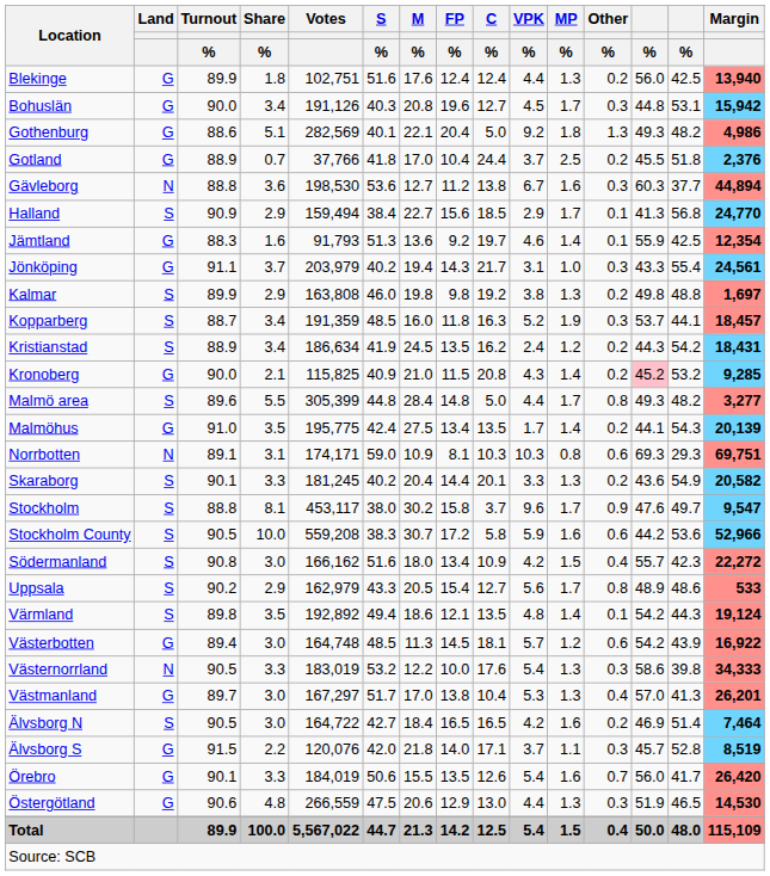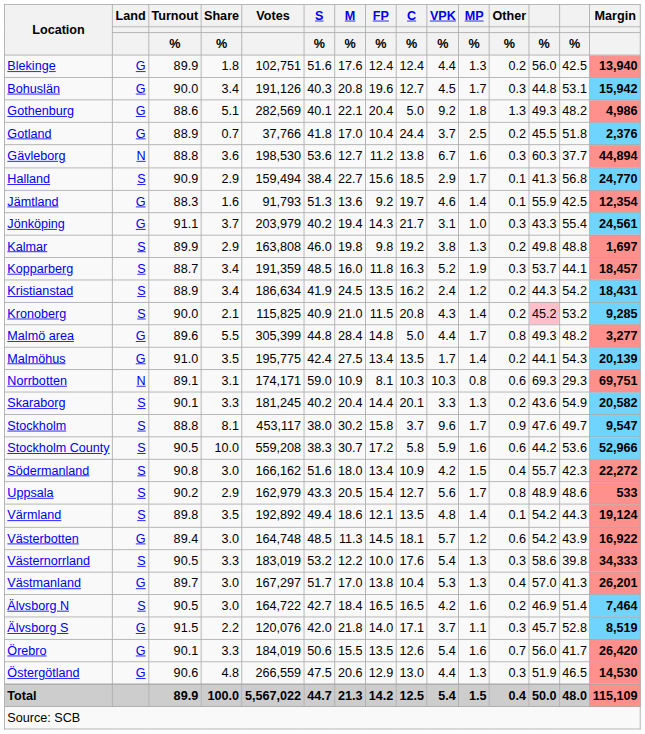 <table class="wikitable sortable" style="text-align:right; font-size:95%; line-height:20px;">
 <tr>
 <th rowspan="3">Location</th>
 <th>Land</th>
 <th>Turnout</th>
 <th>Share</th>
 <th>Votes</th>
 <th width="30px" class="unsortable"><a href='#'>S</a></th>
 <th width="30px" class="unsortable"><a href='#'>M</a></th>
 <th width="30px" class="unsortable"><a href='#'>FP</a></th>
 <th width="30px" class="unsortable"><a href='#'>C</a></th>
 <th width="30px" class="unsortable"><a href='#'>VPK</a></th>
 <th width="30px" class="unsortable"><a href='#'>MP</a></th>
 <th width="30px" class="unsortable">Other</th>
 <th></th>
 <th></th>
 <th>Margin</th>
 </tr>
 <tr>
 <th></th>
 <th></th>
 <th></th>
 <th></th>
 <th style="background:"></th>
 <th style="background:"></th>
 <th style="background:"></th>
 <th style="background:"></th>
 <th style="background:"></th>
 <th style="background:"></th>
 <th style="background:"></th>
 <th style="background:"></th>
 <th style="background:"></th>
 <th></th>
 </tr>
 <tr>
 <th></th>
 <th data-sort-type="number">%</th>
 <th data-sort-type="number">%</th>
 <th></th>
 <th data-sort-type="number">%</th>
 <th data-sort-type="number">%</th>
 <th data-sort-type="number">%</th>
 <th data-sort-type="number">%</th>
 <th data-sort-type="number">%</th>
 <th data-sort-type="number">%</th>
 <th data-sort-type="number">%</th>
 <th data-sort-type="number">%</th>
 <th data-sort-type="number">%</th>
 <th data-sort-type="number"></th>
 </tr>
 <tr>
 <td align=left><a href='#'>Blekinge</a></td>
 <td><a href='#'>G</a></td>
 <td>89.9</td>
 <td>1.8</td>
 <td>102,751</td>
 <td>51.6</td>
 <td>17.6</td>
 <td>12.4</td>
 <td>12.4</td>
 <td>4.4</td>
 <td>1.3</td>
 <td>0.2</td>
 <td>56.0</td>
 <td>42.5</td>
 <td bgcolor=#ff908c><strong>13,940</strong></td>
 </tr>
 <tr>
 <td align=left><a href='#'>Bohuslän</a></td>
 <td><a href='#'>G</a></td>
 <td>90.0</td>
 <td>3.4</td>
 <td>191,126</td>
 <td>40.3</td>
 <td>20.8</td>
 <td>19.6</td>
 <td>12.7</td>
 <td>4.5</td>
 <td>1.7</td>
 <td>0.3</td>
 <td>44.8</td>
 <td>53.1</td>
 <td bgcolor=#6fd5fe><strong>15,942</strong></td>
 </tr>
 <tr>
 <td align=left><a href='#'>Gothenburg</a></td>
 <td><a href='#'>G</a></td>
 <td>88.6</td>
 <td>5.1</td>
 <td>282,569</td>
 <td>40.1</td>
 <td>22.1</td>
 <td>20.4</td>
 <td>5.0</td>
 <td>9.2</td>
 <td>1.8</td>
 <td>1.3</td>
 <td>49.3</td>
 <td>48.2</td>
 <td bgcolor=#ff908c><strong>4,986</strong></td>
 </tr>
 <tr>
 <td align=left><a href='#'>Gotland</a></td>
 <td><a href='#'>G</a></td>
 <td>88.9</td>
 <td>0.7</td>
 <td>37,766</td>
 <td>41.8</td>
 <td>17.0</td>
 <td>10.4</td>
 <td>24.4</td>
 <td>3.7</td>
 <td>2.5</td>
 <td>0.2</td>
 <td>45.5</td>
 <td>51.8</td>
 <td bgcolor=#6fd5fe><strong>2,376</strong></td>
 </tr>
 <tr>
 <td align=left><a href='#'>Gävleborg</a></td>
 <td><a href='#'>N</a></td>
 <td>88.8</td>
 <td>3.6</td>
 <td>198,530</td>
 <td>53.6</td>
 <td>12.7</td>
 <td>11.2</td>
 <td>13.8</td>
 <td>6.7</td>
 <td>1.6</td>
 <td>0.3</td>
 <td>60.3</td>
 <td>37.7</td>
 <td bgcolor=#ff908c><strong>44,894</strong></td>
 </tr>
 <tr>
 <td align=left><a href='#'>Halland</a></td>
 <td><a href='#'>S</a></td>
 <td>90.9</td>
 <td>2.9</td>
 <td>159,494</td>
 <td>38.4</td>
 <td>22.7</td>
 <td>15.6</td>
 <td>18.5</td>
 <td>2.9</td>
 <td>1.7</td>
 <td>0.1</td>
 <td>41.3</td>
 <td>56.8</td>
 <td bgcolor=#6fd5fe><strong>24,770</strong></td>
 </tr>
 <tr>
 <td align=left><a href='#'>Jämtland</a></td>
 <td><a href='#'>G</a></td>
 <td>88.3</td>
 <td>1.6</td>
 <td>91,793</td>
 <td>51.3</td>
 <td>13.6</td>
 <td>9.2</td>
 <td>19.7</td>
 <td>4.6</td>
 <td>1.4</td>
 <td>0.1</td>
 <td>55.9</td>
 <td>42.5</td>
 <td bgcolor=#ff908c><strong>12,354</strong></td>
 </tr>
 <tr>
 <td align=left><a href='#'>Jönköping</a></td>
 <td><a href='#'>G</a></td>
 <td>91.1</td>
 <td>3.7</td>
 <td>203,979</td>
 <td>40.2</td>
 <td>19.4</td>
 <td>14.3</td>
 <td>21.7</td>
 <td>3.1</td>
 <td>1.0</td>
 <td>0.3</td>
 <td>43.3</td>
 <td>55.4</td>
 <td bgcolor=#6fd5fe><strong>24,561</strong></td>
 </tr>
 <tr>
 <td align=left><a href='#'>Kalmar</a></td>
 <td><a href='#'>S</a></td>
 <td>89.9</td>
 <td>2.9</td>
 <td>163,808</td>
 <td>46.0</td>
 <td>19.8</td>
 <td>9.8</td>
 <td>19.2</td>
 <td>3.8</td>
 <td>1.3</td>
 <td>0.2</td>
 <td>49.8</td>
 <td>48.8</td>
 <td bgcolor=#ff908c><strong>1,697</strong></td>
 </tr>
 <tr>
 <td align=left><a href='#'>Kopparberg</a></td>
 <td><a href='#'>S</a></td>
 <td>88.7</td>
 <td>3.4</td>
 <td>191,359</td>
 <td>48.5</td>
 <td>16.0</td>
 <td>11.8</td>
 <td>16.3</td>
 <td>5.2</td>
 <td>1.9</td>
 <td>0.3</td>
 <td>53.7</td>
 <td>44.1</td>
 <td bgcolor=#ff908c><strong>18,457</strong></td>
 </tr>
 <tr>
 <td align=left><a href='#'>Kristianstad</a></td>
 <td><a href='#'>S</a></td>
 <td>88.9</td>
 <td>3.4</td>
 <td>186,634</td>
 <td>41.9</td>
 <td>24.5</td>
 <td>13.5</td>
 <td>16.2</td>
 <td>2.4</td>
 <td>1.2</td>
 <td>0.2</td>
 <td>44.3</td>
 <td>54.2</td>
 <td bgcolor=#6fd5fe><strong>18,431</strong></td>
 </tr>
 <tr>
 <td align=left><a href='#'>Kronoberg</a></td>
-<td><a href='#'>G</a></td>
+<td><a href='#'>S</a></td>
 <td>90.0</td>
 <td>2.1</td>
 <td>115,825</td>
 <td>40.9</td>
 <td>21.0</td>
 <td>11.5</td>
 <td>20.8</td>
 <td>4.3</td>
 <td>1.4</td>
 <td>0.2</td>
 <td style="background: pink;">45.2</td>
 <td>53.2</td>
 <td bgcolor=#6fd5fe><strong>9,285</strong></td>
 </tr>
 <tr>
 <td align=left><a href='#'>Malmö area</a></td>
-<td><a href='#'>S</a></td>
+<td><a href='#'>G</a></td>
 <td>89.6</td>
 <td>5.5</td>
 <td>305,399</td>
 <td>44.8</td>
 <td>28.4</td>
 <td>14.8</td>
 <td>5.0</td>
 <td>4.4</td>
 <td>1.7</td>
 <td>0.8</td>
 <td>49.3</td>
 <td>48.2</td>
 <td bgcolor=#ff908c><strong>3,277</strong></td>
 </tr>
 <tr>
 <td align=left><a href='#'>Malmöhus</a></td>
 <td><a href='#'>G</a></td>
 <td>91.0</td>
 <td>3.5</td>
 <td>195,775</td>
 <td>42.4</td>
 <td>27.5</td>
 <td>13.4</td>
 <td>13.5</td>
 <td>1.7</td>
 <td>1.4</td>
 <td>0.2</td>
 <td>44.1</td>
 <td>54.3</td>
 <td bgcolor=#6fd5fe><strong>20,139</strong></td>
 </tr>
 <tr>
 <td align=left><a href='#'>Norrbotten</a></td>
 <td><a href='#'>N</a></td>
 <td>89.1</td>
 <td>3.1</td>
 <td>174,171</td>
 <td>59.0</td>
 <td>10.9</td>
 <td>8.1</td>
 <td>10.3</td>
 <td>10.3</td>
 <td>0.8</td>
 <td>0.6</td>
 <td>69.3</td>
 <td>29.3</td>
 <td bgcolor=#ff908c><strong>69,751</strong></td>
 </tr>
 <tr>
 <td align=left><a href='#'>Skaraborg</a></td>
 <td><a href='#'>S</a></td>
 <td>90.1</td>
 <td>3.3</td>
 <td>181,245</td>
 <td>40.2</td>
 <td>20.4</td>
 <td>14.4</td>
 <td>20.1</td>
 <td>3.3</td>
 <td>1.3</td>
 <td>0.2</td>
 <td>43.6</td>
 <td>54.9</td>
 <td bgcolor=#6fd5fe><strong>20,582</strong></td>
 </tr>
 <tr>
 <td align=left><a href='#'>Stockholm</a></td>
 <td><a href='#'>S</a></td>
 <td>88.8</td>
 <td>8.1</td>
 <td>453,117</td>
 <td>38.0</td>
 <td>30.2</td>
 <td>15.8</td>
 <td>3.7</td>
 <td>9.6</td>
 <td>1.7</td>
 <td>0.9</td>
 <td>47.6</td>
 <td>49.7</td>
 <td bgcolor=#6fd5fe><strong>9,547</strong></td>
 </tr>
 <tr>
 <td align=left><a href='#'>Stockholm County</a></td>
 <td><a href='#'>S</a></td>
 <td>90.5</td>
 <td>10.0</td>
 <td>559,208</td>
 <td>38.3</td>
 <td>30.7</td>
 <td>17.2</td>
 <td>5.8</td>
 <td>5.9</td>
 <td>1.6</td>
 <td>0.6</td>
 <td>44.2</td>
 <td>53.6</td>
 <td bgcolor=#6fd5fe><strong>52,966</strong></td>
 </tr>
 <tr>
 <td align=left><a href='#'>Södermanland</a></td>
 <td><a href='#'>S</a></td>
 <td>90.8</td>
 <td>3.0</td>
 <td>166,162</td>
 <td>51.6</td>
 <td>18.0</td>
 <td>13.4</td>
 <td>10.9</td>
 <td>4.2</td>
 <td>1.5</td>
 <td>0.4</td>
 <td>55.7</td>
 <td>42.3</td>
 <td bgcolor=#ff908c><strong>22,272</strong></td>
 </tr>
 <tr>
 <td align=left><a href='#'>Uppsala</a></td>
 <td><a href='#'>S</a></td>
 <td>90.2</td>
 <td>2.9</td>
 <td>162,979</td>
 <td>43.3</td>
 <td>20.5</td>
 <td>15.4</td>
 <td>12.7</td>
 <td>5.6</td>
 <td>1.7</td>
 <td>0.8</td>
 <td>48.9</td>
 <td>48.6</td>
 <td bgcolor=#ff908c><strong>533</strong></td>
 </tr>
 <tr>
 <td align=left><a href='#'>Värmland</a></td>
 <td><a href='#'>S</a></td>
 <td>89.8</td>
 <td>3.5</td>
 <td>192,892</td>
 <td>49.4</td>
 <td>18.6</td>
 <td>12.1</td>
 <td>13.5</td>
 <td>4.8</td>
 <td>1.4</td>
 <td>0.1</td>
 <td>54.2</td>
 <td>44.3</td>
 <td bgcolor=#ff908c><strong>19,124</strong></td>
 </tr>
 <tr>
 <td align=left><a href='#'>Västerbotten</a></td>
 <td><a href='#'>G</a></td>
 <td>89.4</td>
 <td>3.0</td>
 <td>164,748</td>
 <td>48.5</td>
 <td>11.3</td>
 <td>14.5</td>
 <td>18.1</td>
 <td>5.7</td>
 <td>1.2</td>
 <td>0.6</td>
 <td>54.2</td>
 <td>43.9</td>
 <td bgcolor=#ff908c><strong>16,922</strong></td>
 </tr>
 <tr>
 <td align=left><a href='#'>Västernorrland</a></td>
-<td><a href='#'>N</a></td>
+<td><a href='#'>S</a></td>
 <td>90.5</td>
 <td>3.3</td>
 <td>183,019</td>
 <td>53.2</td>
 <td>12.2</td>
 <td>10.0</td>
 <td>17.6</td>
 <td>5.4</td>
 <td>1.3</td>
 <td>0.3</td>
 <td>58.6</td>
 <td>39.8</td>
 <td bgcolor=#ff908c><strong>34,333</strong></td>
 </tr>
 <tr>
 <td align=left><a href='#'>Västmanland</a></td>
 <td><a href='#'>G</a></td>
 <td>89.7</td>
 <td>3.0</td>
 <td>167,297</td>
 <td>51.7</td>
 <td>17.0</td>
 <td>13.8</td>
 <td>10.4</td>
 <td>5.3</td>
 <td>1.3</td>
 <td>0.4</td>
 <td>57.0</td>
 <td>41.3</td>
 <td bgcolor=#ff908c><strong>26,201</strong></td>
 </tr>
 <tr>
 <td align=left><a href='#'>Älvsborg N</a></td>
 <td><a href='#'>S</a></td>
 <td>90.5</td>
 <td>3.0</td>
 <td>164,722</td>
 <td>42.7</td>
 <td>18.4</td>
 <td>16.5</td>
 <td>16.5</td>
 <td>4.2</td>
 <td>1.6</td>
 <td>0.2</td>
 <td>46.9</td>
 <td>51.4</td>
 <td bgcolor=#6fd5fe><strong>7,464</strong></td>
 </tr>
 <tr>
 <td align=left><a href='#'>Älvsborg S</a></td>
 <td><a href='#'>G</a></td>
 <td>91.5</td>
 <td>2.2</td>
 <td>120,076</td>
 <td>42.0</td>
 <td>21.8</td>
 <td>14.0</td>
 <td>17.1</td>
 <td>3.7</td>
 <td>1.1</td>
 <td>0.3</td>
 <td>45.7</td>
 <td>52.8</td>
 <td bgcolor=#6fd5fe><strong>8,519</strong></td>
 </tr>
 <tr>
 <td align=left><a href='#'>Örebro</a></td>
 <td><a href='#'>G</a></td>
 <td>90.1</td>
 <td>3.3</td>
 <td>184,019</td>
 <td>50.6</td>
 <td>15.5</td>
 <td>13.5</td>
 <td>12.6</td>
 <td>5.4</td>
 <td>1.6</td>
 <td>0.7</td>
 <td>56.0</td>
 <td>41.7</td>
 <td bgcolor=#ff908c><strong>26,420</strong></td>
 </tr>
 <tr>
 <td align=left><a href='#'>Östergötland</a></td>
 <td><a href='#'>G</a></td>
 <td>90.6</td>
 <td>4.8</td>
 <td>266,559</td>
 <td>47.5</td>
 <td>20.6</td>
 <td>12.9</td>
 <td>13.0</td>
 <td>4.4</td>
 <td>1.3</td>
 <td>0.3</td>
 <td>51.9</td>
 <td>46.5</td>
 <td bgcolor=#ff908c><strong>14,530</strong></td>
 </tr>
 <tr>
 </tr>
 <tr style="background:#CDCDCD;">
 <td align=left><strong>Total</strong></td>
 <td></td>
 <td><strong>89.9</strong></td>
 <td><strong>100.0</strong></td>
 <td><strong>5,567,022</strong></td>
 <td><strong>44.7</strong></td>
 <td><strong>21.3</strong></td>
 <td><strong>14.2</strong></td>
 <td><strong>12.5</strong></td>
 <td><strong>5.4</strong></td>
 <td><strong>1.5</strong></td>
 <td><strong>0.4</strong></td>
 <td><strong>50.0</strong></td>
 <td><strong>48.0</strong></td>
 <td bgcolor=#ff908c><strong>115,109</strong></td>
 </tr>
 <tr>
 <td align=left colspan=15>Source: SCB </td>
 </tr>
 </table>
